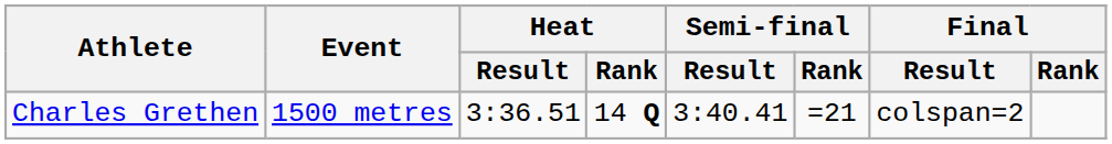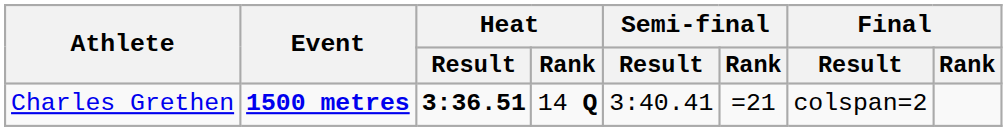 <table class="wikitable" style="font-size:90%">
 <tr>
 <th rowspan="2">Athlete</th>
 <th rowspan="2">Event</th>
 <th colspan="2">Heat</th>
 <th colspan="2">Semi-final</th>
 <th colspan="2">Final</th>
 </tr>
 <tr style="font-size:95%">
 <th>Result</th>
 <th>Rank</th>
 <th>Result</th>
 <th>Rank</th>
 <th>Result</th>
 <th>Rank</th>
 </tr>
 <tr style=text-align:center>
 <td style=text-align:left><a href='#'>Charles Grethen</a></td>
-<td style=text-align:left><a href='#'>1500 metres</a></td>
-<td>3:36.51</td>
+<td style=text-align:left><strong><a href='#'>1500 metres</a></strong></td>
+<td><strong>3:36.51</strong></td>
 <td>14 <strong>Q</strong></td>
 <td>3:40.41</td>
 <td>=21</td>
 <td>colspan=2 </td>
 </tr>
 </table>
